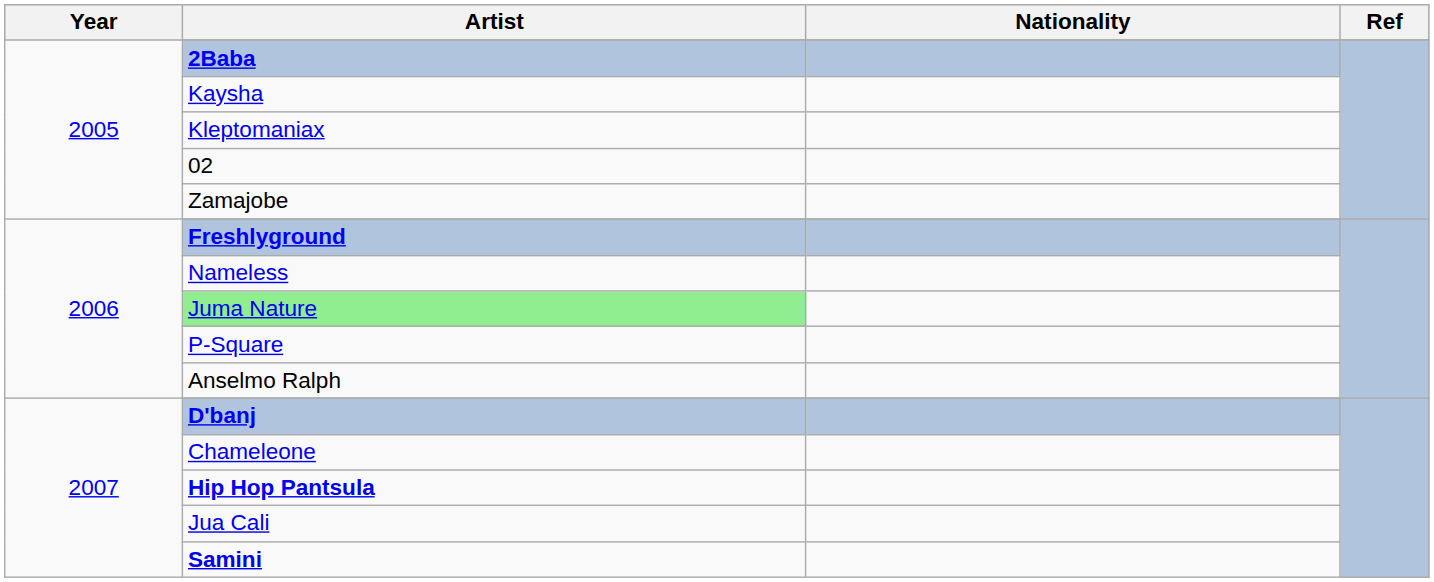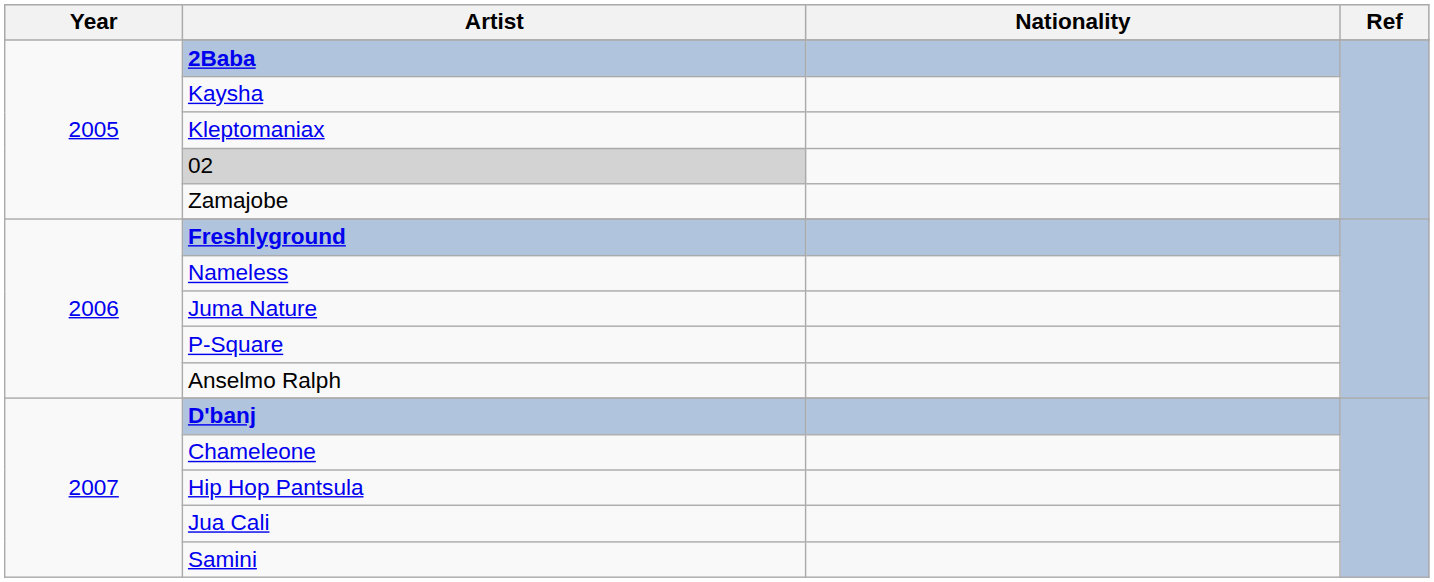 <table class="wikitable" style="width:80%;">
 <tr style="background:#bebebe;">
 <th style="width:10%;">Year</th>
 <th style="width:35%;">Artist</th>
 <th style="width:30%;">Nationality</th>
 <th style="width:5%;">Ref</th>
 </tr>
 <tr>
 <td rowspan="6" align="center"><a href='#'>2005</a></td>
 </tr>
 <tr style="background:#B0C4DE">
 <td><strong><a href='#'>2Baba</a></strong></td>
 <td><strong></strong></td>
 <td rowspan="6" align="center"></td>
 </tr>
 <tr>
 <td><a href='#'>Kaysha</a></td>
 <td></td>
 </tr>
 <tr>
 <td><a href='#'>Kleptomaniax</a></td>
 <td></td>
 </tr>
 <tr>
-<td>02</td>
+<td style="background: lightgrey;">02</td>
 <td></td>
 </tr>
 <tr>
 <td>Zamajobe</td>
 <td></td>
 </tr>
 <tr>
 <td rowspan="6" align="center"><a href='#'>2006</a></td>
 </tr>
 <tr style="background:#B0C4DE">
 <td><strong><a href='#'>Freshlyground</a></strong></td>
 <td><strong></strong></td>
 <td rowspan="6" align="center"></td>
 </tr>
 <tr>
 <td><a href='#'>Nameless</a></td>
 <td></td>
 </tr>
 <tr>
-<td style="background: lightgreen;"><a href='#'>Juma Nature</a></td>
+<td><a href='#'>Juma Nature</a></td>
 <td></td>
 </tr>
 <tr>
 <td><a href='#'>P-Square</a></td>
 <td></td>
 </tr>
 <tr>
 <td>Anselmo Ralph</td>
 <td></td>
 </tr>
 <tr>
 <td rowspan="6" align="center"><a href='#'>2007</a></td>
 </tr>
 <tr style="background:#B0C4DE">
 <td><strong><a href='#'>D'banj</a></strong></td>
 <td><strong></strong></td>
 <td rowspan="6" align="center"></td>
 </tr>
 <tr>
 <td><a href='#'>Chameleone</a></td>
 <td></td>
 </tr>
 <tr>
-<td><strong><a href='#'>Hip Hop Pantsula</a></strong></td>
+<td><a href='#'>Hip Hop Pantsula</a></td>
 <td></td>
 </tr>
 <tr>
 <td><a href='#'>Jua Cali</a></td>
 <td></td>
 </tr>
 <tr>
-<td><strong><a href='#'>Samini</a></strong></td>
+<td><a href='#'>Samini</a></td>
 <td></td>
 </tr>
 </table>
